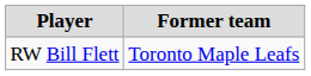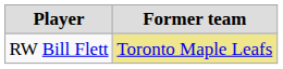 <table class="wikitable">
 <tr align="center"  bgcolor="#dddddd">
 <td><strong>Player</strong></td>
 <td><strong>Former team</strong></td>
 </tr>
 <tr>
 <td>RW <a href='#'>Bill Flett</a></td>
-<td><a href='#'>Toronto Maple Leafs</a></td>
+<td style="background: khaki;"><a href='#'>Toronto Maple Leafs</a></td>
 </tr>
 </table>
